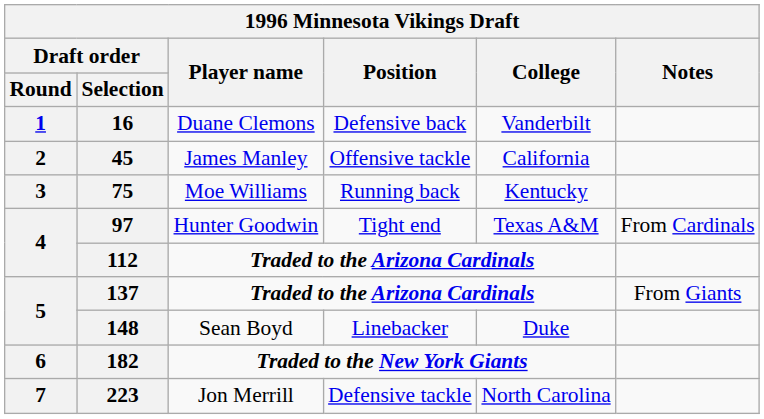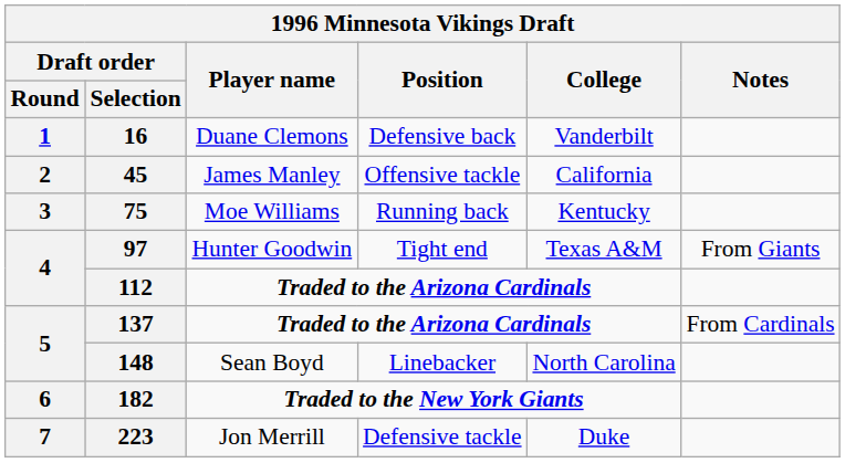 <table class="wikitable" style="text-align:center">
 <tr>
 <th colspan="6">1996 Minnesota Vikings Draft</th>
 </tr>
 <tr>
 <th colspan="2">Draft order</th>
 <th rowspan="2">Player name</th>
 <th rowspan="2">Position</th>
 <th rowspan="2">College</th>
 <th rowspan="2">Notes</th>
 </tr>
 <tr>
 <th>Round</th>
 <th>Selection</th>
 </tr>
 <tr>
 <th><a href='#'>1</a></th>
 <th>16</th>
 <td><a href='#'>Duane Clemons</a></td>
 <td><a href='#'>Defensive back</a></td>
 <td><a href='#'>Vanderbilt</a></td>
 <td></td>
 </tr>
 <tr>
 <th>2</th>
 <th>45</th>
 <td><a href='#'>James Manley</a></td>
 <td><a href='#'>Offensive tackle</a></td>
 <td><a href='#'>California</a></td>
 <td></td>
 </tr>
 <tr>
 <th>3</th>
 <th>75</th>
 <td><a href='#'>Moe Williams</a></td>
 <td><a href='#'>Running back</a></td>
 <td><a href='#'>Kentucky</a></td>
 <td></td>
 </tr>
 <tr>
 <th rowspan="2">4</th>
 <th>97</th>
 <td><a href='#'>Hunter Goodwin</a></td>
 <td><a href='#'>Tight end</a></td>
 <td><a href='#'>Texas A&M</a></td>
-<td>From <a href='#'>Cardinals</a></td>
+<td>From <a href='#'>Giants</a></td>
 </tr>
 <tr>
 <th>112</th>
 <td colspan="3"><strong><em>Traded to the <a href='#'>Arizona Cardinals</a></em></strong></td>
 <td></td>
 </tr>
 <tr>
 <th rowspan="2">5</th>
 <th>137</th>
 <td colspan="3"><strong><em>Traded to the <a href='#'>Arizona Cardinals</a></em></strong></td>
-<td>From <a href='#'>Giants</a></td>
+<td>From <a href='#'>Cardinals</a></td>
 </tr>
 <tr>
 <th>148</th>
 <td>Sean Boyd</td>
 <td><a href='#'>Linebacker</a></td>
-<td><a href='#'>Duke</a></td>
+<td><a href='#'>North Carolina</a></td>
 <td></td>
 </tr>
 <tr>
 <th>6</th>
 <th>182</th>
 <td colspan="3"><strong><em>Traded to the <a href='#'>New York Giants</a></em></strong></td>
 <td></td>
 </tr>
 <tr>
 <th>7</th>
 <th>223</th>
 <td>Jon Merrill</td>
 <td><a href='#'>Defensive tackle</a></td>
-<td><a href='#'>North Carolina</a></td>
+<td><a href='#'>Duke</a></td>
 <td></td>
 </tr>
 </table>
